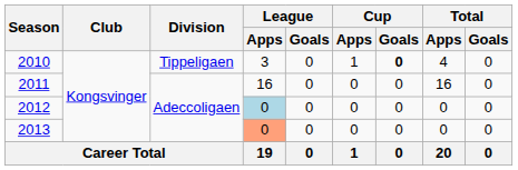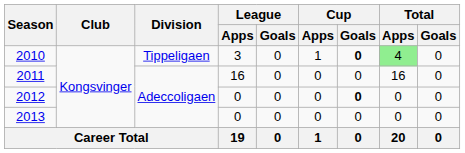 <table class="wikitable" style="text-align: center;">
 <tr>
 <th rowspan="2">Season</th>
 <th rowspan="2">Club</th>
 <th rowspan="2">Division</th>
 <th colspan="2">League</th>
 <th colspan="2">Cup</th>
 <th colspan="2">Total</th>
 </tr>
 <tr>
 <th>Apps</th>
 <th>Goals</th>
 <th>Apps</th>
 <th>Goals</th>
 <th>Apps</th>
 <th>Goals</th>
 </tr>
 <tr>
 <td><a href='#'>2010</a></td>
 <td rowspan="4" valign="center"><a href='#'>Kongsvinger</a></td>
 <td rowspan="1" valign="center"><a href='#'>Tippeligaen</a></td>
 <td>3</td>
 <td>0</td>
 <td>1</td>
 <td><strong>0</strong></td>
-<td>4</td>
+<td style="background: lightgreen;">4</td>
 <td>0</td>
 </tr>
 <tr>
 <td><a href='#'>2011</a></td>
 <td rowspan="3" valign="center"><a href='#'>Adeccoligaen</a></td>
 <td>16</td>
 <td>0</td>
 <td>0</td>
 <td>0</td>
 <td>16</td>
 <td>0</td>
 </tr>
 <tr>
 <td><a href='#'>2012</a></td>
-<td style="background: lightblue;">0</td>
 <td>0</td>
 <td>0</td>
 <td>0</td>
+<td><strong>0</strong></td>
 <td>0</td>
 <td>0</td>
 </tr>
 <tr>
 <td><a href='#'>2013</a></td>
-<td style="background: lightsalmon;">0</td>
+<td>0</td>
 <td>0</td>
 <td>0</td>
 <td>0</td>
 <td>0</td>
 <td>0</td>
 </tr>
 <tr>
 <th colspan="3">Career Total</th>
 <th>19</th>
 <th>0</th>
 <th>1</th>
 <th>0</th>
 <th>20</th>
 <th>0</th>
 </tr>
 </table>
